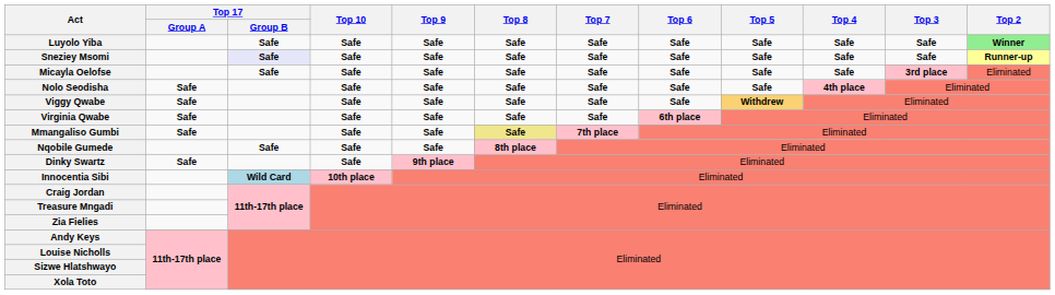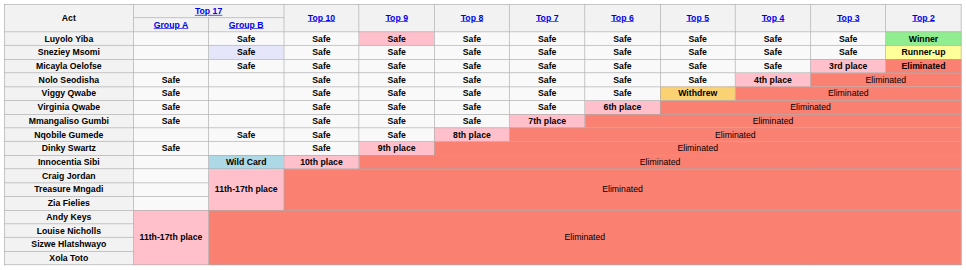 <table class="wikitable" style="text-align:center; font-size:85%">
 <tr>
 <th style="width:12%" rowspan="2"  scope="col">Act</th>
 <th style="width:7%" colspan="2" scope="col"><a href='#'>Top 17</a></th>
 <th style="width:7%" rowspan="2" scope="col"><a href='#'>Top 10</a></th>
 <th style="width:7%" rowspan="2" scope="col"><a href='#'>Top 9</a></th>
 <th style="width:7%" rowspan="2" scope="col"><a href='#'>Top 8</a></th>
 <th style="width:7%" rowspan="2" scope="col"><a href='#'>Top 7</a></th>
 <th style="width:7%" rowspan="2" scope="col"><a href='#'>Top 6</a></th>
 <th style="width:7%" rowspan="2" scope="col"><a href='#'>Top 5</a></th>
 <th style="width:7%" rowspan="2" scope="col"><a href='#'>Top 4</a></th>
 <th style="width:7%" rowspan="2" scope="col"><a href='#'>Top 3</a></th>
 <th style="width:7%" rowspan="2" scope="col"><a href='#'>Top 2</a></th>
 </tr>
 <tr>
 <th style="width:7%"><a href='#'>Group A</a></th>
 <th style="width:7%"><a href='#'>Group B</a></th>
 </tr>
 <tr>
 <th scope="row">Luyolo Yiba</th>
 <td></td>
 <td><strong>Safe</strong></td>
 <td><strong>Safe</strong></td>
-<td><strong>Safe</strong></td>
+<td style="background: pink;"><strong>Safe</strong></td>
 <td><strong>Safe</strong></td>
 <td><strong>Safe</strong></td>
 <td><strong>Safe</strong></td>
 <td><strong>Safe</strong></td>
 <td><strong>Safe</strong></td>
 <td><strong>Safe</strong></td>
 <td style="background:lightgreen"><strong>Winner</strong></td>
 </tr>
 <tr>
 <th scope="row">Sneziey Msomi</th>
 <td></td>
 <td style="background: lavender;"><strong>Safe</strong></td>
 <td><strong>Safe</strong></td>
 <td><strong>Safe</strong></td>
 <td><strong>Safe</strong></td>
 <td><strong>Safe</strong></td>
 <td><strong>Safe</strong></td>
 <td><strong>Safe</strong></td>
 <td><strong>Safe</strong></td>
 <td><strong>Safe</strong></td>
 <td style="background:#ff9"><strong>Runner-up</strong></td>
 </tr>
 <tr>
 <th scope="row">Micayla Oelofse</th>
 <td></td>
 <td><strong>Safe</strong></td>
 <td><strong>Safe</strong></td>
 <td><strong>Safe</strong></td>
 <td><strong>Safe</strong></td>
 <td><strong>Safe</strong></td>
 <td><strong>Safe</strong></td>
 <td><strong>Safe</strong></td>
 <td><strong>Safe</strong></td>
 <td style="background:pink"><strong>3rd place</strong></td>
-<td style="background:salmon">Eliminated</td>
+<td style="background:salmon"><strong>Eliminated</strong></td>
 </tr>
 <tr>
 <th scope="row">Nolo Seodisha</th>
 <td><strong>Safe</strong></td>
 <td></td>
 <td><strong>Safe</strong></td>
 <td><strong>Safe</strong></td>
 <td><strong>Safe</strong></td>
 <td><strong>Safe</strong></td>
 <td><strong>Safe</strong></td>
 <td><strong>Safe</strong></td>
 <td style="background:pink"><strong>4th place</strong></td>
 <td colspan="2" style="background:salmon">Eliminated</td>
 </tr>
 <tr>
 <th scope="row">Viggy Qwabe</th>
 <td><strong>Safe</strong></td>
 <td></td>
 <td><strong>Safe</strong></td>
 <td><strong>Safe</strong></td>
 <td><strong>Safe</strong></td>
 <td><strong>Safe</strong></td>
 <td><strong>Safe</strong></td>
 <td style="background:#fad273"><strong>Withdrew</strong></td>
 <td colspan="3" style="background:salmon">Eliminated</td>
 </tr>
 <tr>
 <th scope="row">Virginia Qwabe</th>
 <td><strong>Safe</strong></td>
 <td></td>
 <td><strong>Safe</strong></td>
 <td><strong>Safe</strong></td>
 <td><strong>Safe</strong></td>
 <td><strong>Safe</strong></td>
 <td style="background:pink"><strong>6th place</strong></td>
 <td colspan="4" style="background:salmon">Eliminated</td>
 </tr>
 <tr>
 <th scope="row">Mmangaliso Gumbi</th>
 <td><strong>Safe</strong></td>
 <td></td>
 <td><strong>Safe</strong></td>
 <td><strong>Safe</strong></td>
-<td style="background: khaki;"><strong>Safe</strong></td>
+<td><strong>Safe</strong></td>
 <td style="background:pink"><strong>7th place</strong></td>
 <td colspan="5" style="background:salmon">Eliminated</td>
 </tr>
 <tr>
 <th scope="row">Nqobile Gumede</th>
 <td></td>
 <td><strong>Safe</strong></td>
 <td><strong>Safe</strong></td>
 <td><strong>Safe</strong></td>
 <td style="background:pink"><strong>8th place</strong></td>
 <td colspan="8" style="background:salmon">Eliminated</td>
 </tr>
 <tr>
 <th scope="row">Dinky Swartz</th>
 <td><strong>Safe</strong></td>
 <td></td>
 <td><strong>Safe</strong></td>
 <td style="background:pink"><strong>9th place</strong></td>
 <td colspan="9" style="background:salmon">Eliminated</td>
 </tr>
 <tr>
 <th scope="row">Innocentia Sibi</th>
 <td></td>
 <td style="background:#add8e6"><strong>Wild Card</strong></td>
 <td style="background:pink"><strong>10th place</strong></td>
 <td colspan="10" style="background:salmon">Eliminated</td>
 </tr>
 <tr>
 <th scope="row">Craig Jordan</th>
 <td></td>
 <td rowspan="3" style="background:pink"><strong>11th-17th place</strong></td>
 <td colspan="11" rowspan="3" style="background:salmon">Eliminated</td>
 </tr>
 <tr>
 <th scope="row">Treasure Mngadi</th>
 <td></td>
 </tr>
 <tr>
 <th scope="row">Zia Fielies</th>
 <td></td>
 </tr>
 <tr>
 <th scope="row">Andy Keys</th>
 <td rowspan="4" style="background:pink"><strong>11th-17th place</strong></td>
 <td colspan="12" rowspan="4" style="background:salmon">Eliminated</td>
 </tr>
 <tr>
 <th scope="row">Louise Nicholls</th>
 </tr>
 <tr>
 <th scope="row">Sizwe Hlatshwayo</th>
 </tr>
 <tr>
 <th scope="row">Xola Toto</th>
 </tr>
 </table>
